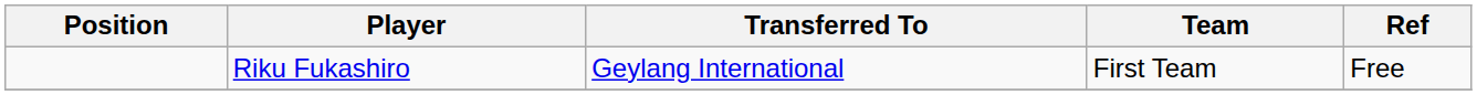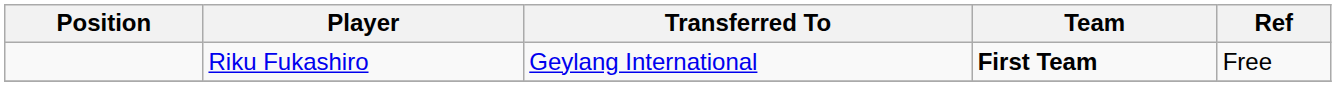 <table class="wikitable sortable" style="width:70%; text-align:center; font-size:100%; text-align:left;">
 <tr>
 <th>Position</th>
 <th>Player</th>
 <th>Transferred To</th>
 <th>Team</th>
 <th>Ref</th>
 </tr>
 <tr>
 <td></td>
 <td> <a href='#'>Riku Fukashiro</a></td>
 <td> <a href='#'>Geylang International</a></td>
-<td>First Team</td>
+<td><strong>First Team</strong></td>
 <td>Free</td>
 </tr>
 <tr>
 </tr>
 </table>
